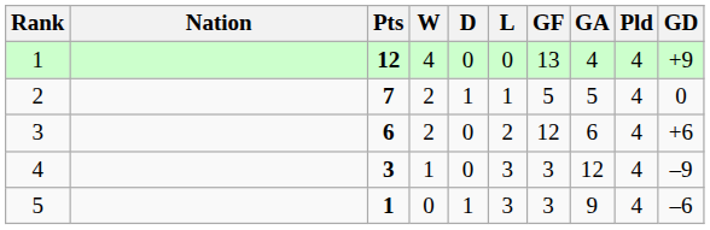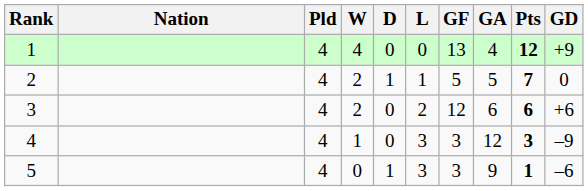 <table class="wikitable" style="text-align: center;">
 <tr>
 <th width=5>Rank</th>
 <th width=200>Nation</th>
-<th width=20>Pts</th>
+<th width=20>Pld</th>
 <th width=20>W</th>
 <th width=20>D</th>
 <th width=20>L</th>
 <th width=20>GF</th>
 <th width=20>GA</th>
-<th width=20>Pld</th>
+<th width=20>Pts</th>
 <th width=20>GD</th>
 </tr>
 <tr style="background:#ccffcc">
 <td>1</td>
 <td style="text-align:left"></td>
-<td><strong>12</strong></td>
+<td>4</td>
 <td>4</td>
 <td>0</td>
 <td>0</td>
 <td>13</td>
 <td>4</td>
-<td>4</td>
+<td><strong>12</strong></td>
 <td>+9</td>
 </tr>
 <tr>
 <td>2</td>
 <td style="text-align:left"></td>
-<td><strong>7</strong></td>
+<td>4</td>
 <td>2</td>
 <td>1</td>
 <td>1</td>
 <td>5</td>
 <td>5</td>
-<td>4</td>
+<td><strong>7</strong></td>
 <td>0</td>
 </tr>
 <tr>
 <td>3</td>
 <td style="text-align:left"></td>
-<td><strong>6</strong></td>
+<td>4</td>
 <td>2</td>
 <td>0</td>
 <td>2</td>
 <td>12</td>
 <td>6</td>
-<td>4</td>
+<td><strong>6</strong></td>
 <td>+6</td>
 </tr>
 <tr>
 <td>4</td>
 <td style="text-align:left"></td>
-<td><strong>3</strong></td>
+<td>4</td>
 <td>1</td>
 <td>0</td>
 <td>3</td>
 <td>3</td>
 <td>12</td>
-<td>4</td>
+<td><strong>3</strong></td>
 <td>–9</td>
 </tr>
 <tr>
 <td>5</td>
 <td style="text-align:left"></td>
-<td><strong>1</strong></td>
+<td>4</td>
 <td>0</td>
 <td>1</td>
 <td>3</td>
 <td>3</td>
 <td>9</td>
-<td>4</td>
+<td><strong>1</strong></td>
 <td>–6</td>
 </tr>
 </table>
